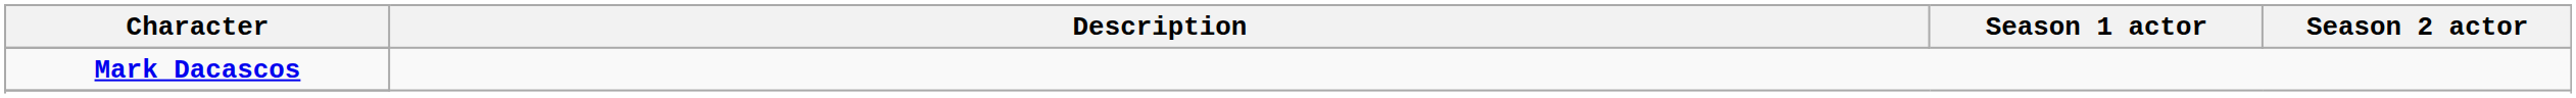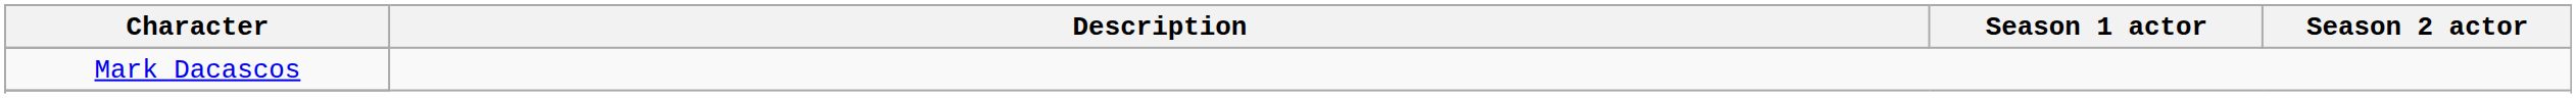 <table class="wikitable sortable" style="text-align:center; width:100%">
 <tr>
 <th style="width:15%;">Character</th>
 <th class="unsortable" style="width:60%;">Description</th>
 <th style="width:13%;">Season 1 actor</th>
 <th style="width:13%;">Season 2 actor</th>
 </tr>
 <tr>
 </tr>
 <tr>
 </tr>
 <tr>
 </tr>
 <tr>
 </tr>
 <tr>
 </tr>
 <tr>
 </tr>
 <tr>
 </tr>
 <tr>
 </tr>
 <tr>
 </tr>
 <tr>
-<td style="text-align:center;"><strong><a href='#'>Mark Dacascos</a></strong></td>
+<td style="text-align:center;"><a href='#'>Mark Dacascos</a></td>
 </tr>
 <tr>
 </tr>
 <tr>
 </tr>
 <tr>
 </tr>
 <tr>
 </tr>
 <tr>
 </tr>
 <tr>
 </tr>
 <tr>
 </tr>
 <tr>
 </tr>
 <tr>
 </tr>
 <tr>
 </tr>
 <tr>
 </tr>
 <tr>
 </tr>
 <tr>
 </tr>
 </table>
